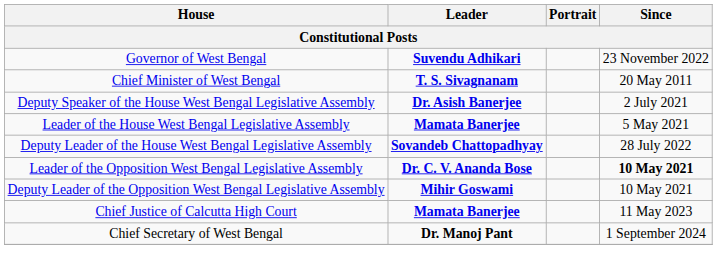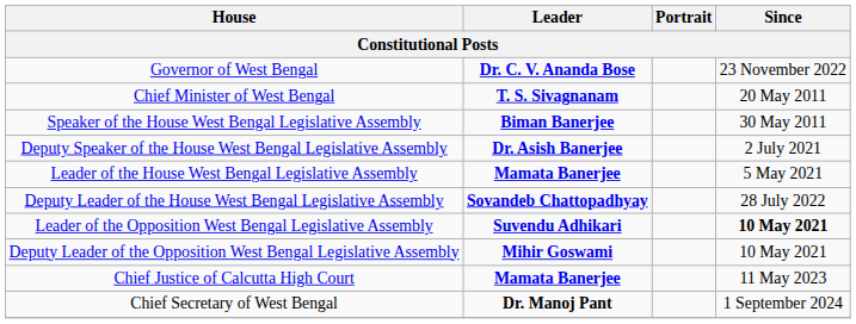 <table class="wikitable" style="text-align:center">
 <tr>
 <th Style="background-color:">House</th>
 <th Style="background-color:">Leader</th>
 <th Style="background-color:">Portrait</th>
 <th Style="background-color:">Since</th>
 </tr>
 <tr>
 <th colspan=4>Constitutional Posts</th>
 </tr>
 <tr>
 <td><a href='#'>Governor of West Bengal</a></td>
-<td><strong><a href='#'>Suvendu Adhikari</a></strong></td>
+<td><strong><a href='#'>Dr. C. V. Ananda Bose</a></strong></td>
 <td></td>
 <td>23 November 2022</td>
 </tr>
 <tr>
 <td><a href='#'>Chief Minister of West Bengal</a></td>
 <td><strong><a href='#'>T. S. Sivagnanam</a></strong></td>
 <td></td>
 <td>20 May 2011</td>
+</tr>
+<tr>
+<td><a href='#'>Speaker of the House West Bengal Legislative Assembly</a></td>
+<td><strong><a href='#'>Biman Banerjee</a></strong></td>
+<td></td>
+<td>30 May 2011</td>
 </tr>
 <tr>
 <td><a href='#'>Deputy Speaker of the House West Bengal Legislative Assembly</a></td>
 <td><strong><a href='#'>Dr. Asish Banerjee</a></strong></td>
 <td></td>
 <td>2 July 2021</td>
 </tr>
 <tr>
 <td><a href='#'>Leader of the House West Bengal Legislative Assembly</a></td>
 <td><strong><a href='#'>Mamata Banerjee</a></strong></td>
 <td></td>
 <td>5 May 2021</td>
 </tr>
 <tr>
 <td><a href='#'>Deputy Leader of the House West Bengal Legislative Assembly</a></td>
 <td><strong><a href='#'>Sovandeb Chattopadhyay</a></strong></td>
 <td></td>
 <td>28 July 2022</td>
 </tr>
 <tr>
 <td><a href='#'>Leader of the Opposition West Bengal Legislative Assembly</a></td>
-<td><strong><a href='#'>Dr. C. V. Ananda Bose</a></strong></td>
+<td><strong><a href='#'>Suvendu Adhikari</a></strong></td>
 <td></td>
 <td><strong>10 May 2021</strong></td>
 </tr>
 <tr>
 <td><a href='#'>Deputy Leader of the Opposition West Bengal Legislative Assembly</a></td>
 <td><strong><a href='#'>Mihir Goswami</a></strong></td>
 <td></td>
 <td>10 May 2021</td>
 </tr>
 <tr>
 <td><a href='#'>Chief Justice of Calcutta High Court</a></td>
 <td><strong><a href='#'>Mamata Banerjee</a></strong></td>
 <td></td>
 <td>11 May 2023</td>
 </tr>
 <tr>
 <td>Chief Secretary of West Bengal</td>
 <td><strong>Dr. Manoj Pant</strong></td>
 <td></td>
 <td>1 September 2024</td>
 </tr>
 <tr>
 </tr>
 </table>
